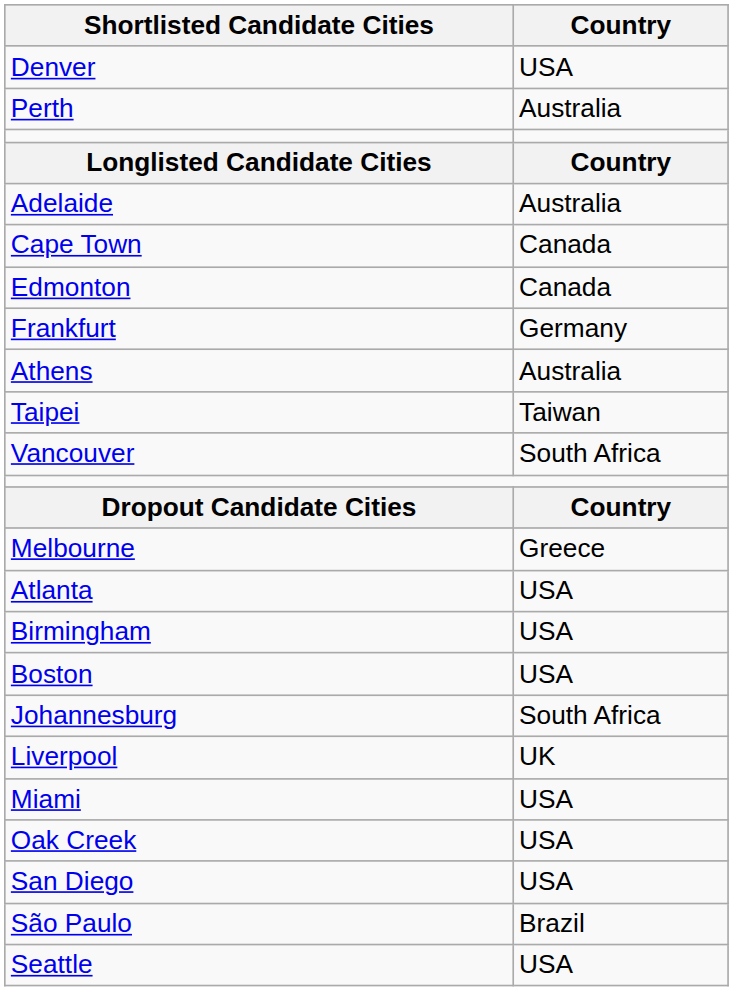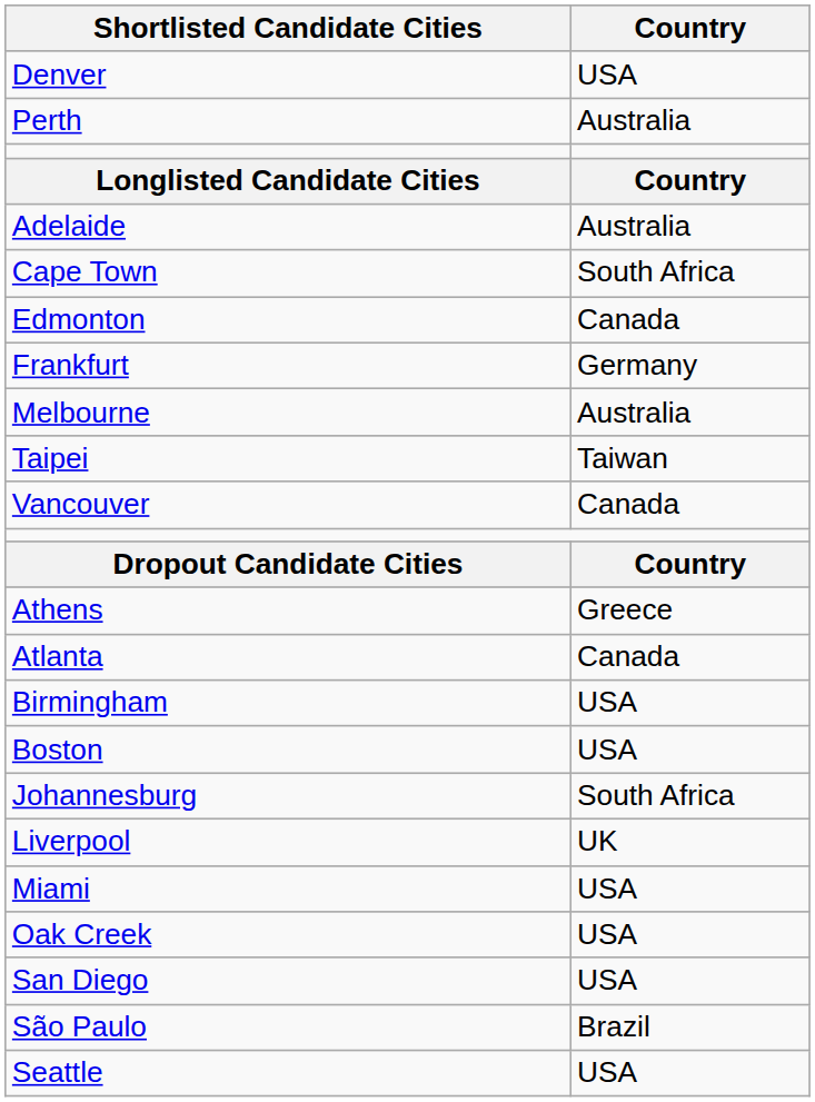 <table class="wikitable" style="width:35%">
 <tr>
 <th>Shortlisted Candidate Cities</th>
 <th>Country</th>
 </tr>
 <tr>
 <td> <a href='#'>Denver</a></td>
 <td>USA</td>
 </tr>
 <tr>
 <td> <a href='#'>Perth</a></td>
 <td>Australia</td>
 </tr>
 <tr>
 <td></td>
 <td></td>
 </tr>
 <tr>
 <th>Longlisted Candidate Cities</th>
 <th>Country</th>
 </tr>
 <tr>
 <td> <a href='#'>Adelaide</a></td>
 <td>Australia</td>
 </tr>
 <tr>
 <td> <a href='#'>Cape Town</a></td>
-<td>Canada</td>
+<td>South Africa</td>
 </tr>
 <tr>
 <td> <a href='#'>Edmonton</a></td>
 <td>Canada</td>
 </tr>
 <tr>
 <td> <a href='#'>Frankfurt</a></td>
 <td>Germany</td>
 </tr>
 <tr>
-<td> <a href='#'>Athens</a></td>
+<td> <a href='#'>Melbourne</a></td>
 <td>Australia</td>
 </tr>
 <tr>
 <td> <a href='#'>Taipei</a></td>
 <td>Taiwan</td>
 </tr>
 <tr>
 <td> <a href='#'>Vancouver</a></td>
-<td>South Africa</td>
+<td>Canada</td>
 </tr>
 <tr>
 <td colspan="2"></td>
 </tr>
 <tr>
 <th>Dropout Candidate Cities</th>
 <th>Country</th>
 </tr>
 <tr>
-<td> <a href='#'>Melbourne</a></td>
+<td> <a href='#'>Athens</a></td>
 <td>Greece</td>
 </tr>
 <tr>
 <td> <a href='#'>Atlanta</a></td>
-<td>USA</td>
+<td>Canada</td>
 </tr>
 <tr>
 <td> <a href='#'>Birmingham</a></td>
 <td>USA</td>
 </tr>
 <tr>
 <td> <a href='#'>Boston</a></td>
 <td>USA</td>
 </tr>
 <tr>
 <td> <a href='#'>Johannesburg</a></td>
 <td>South Africa</td>
 </tr>
 <tr>
 <td> <a href='#'>Liverpool</a></td>
 <td>UK</td>
 </tr>
 <tr>
 <td> <a href='#'>Miami</a></td>
 <td>USA</td>
 </tr>
 <tr>
 <td> <a href='#'>Oak Creek</a></td>
 <td>USA</td>
 </tr>
 <tr>
 <td> <a href='#'>San Diego</a></td>
 <td>USA</td>
 </tr>
 <tr>
 <td> <a href='#'>São Paulo</a></td>
 <td>Brazil</td>
 </tr>
 <tr>
 <td> <a href='#'>Seattle</a></td>
 <td>USA</td>
 </tr>
 </table>
